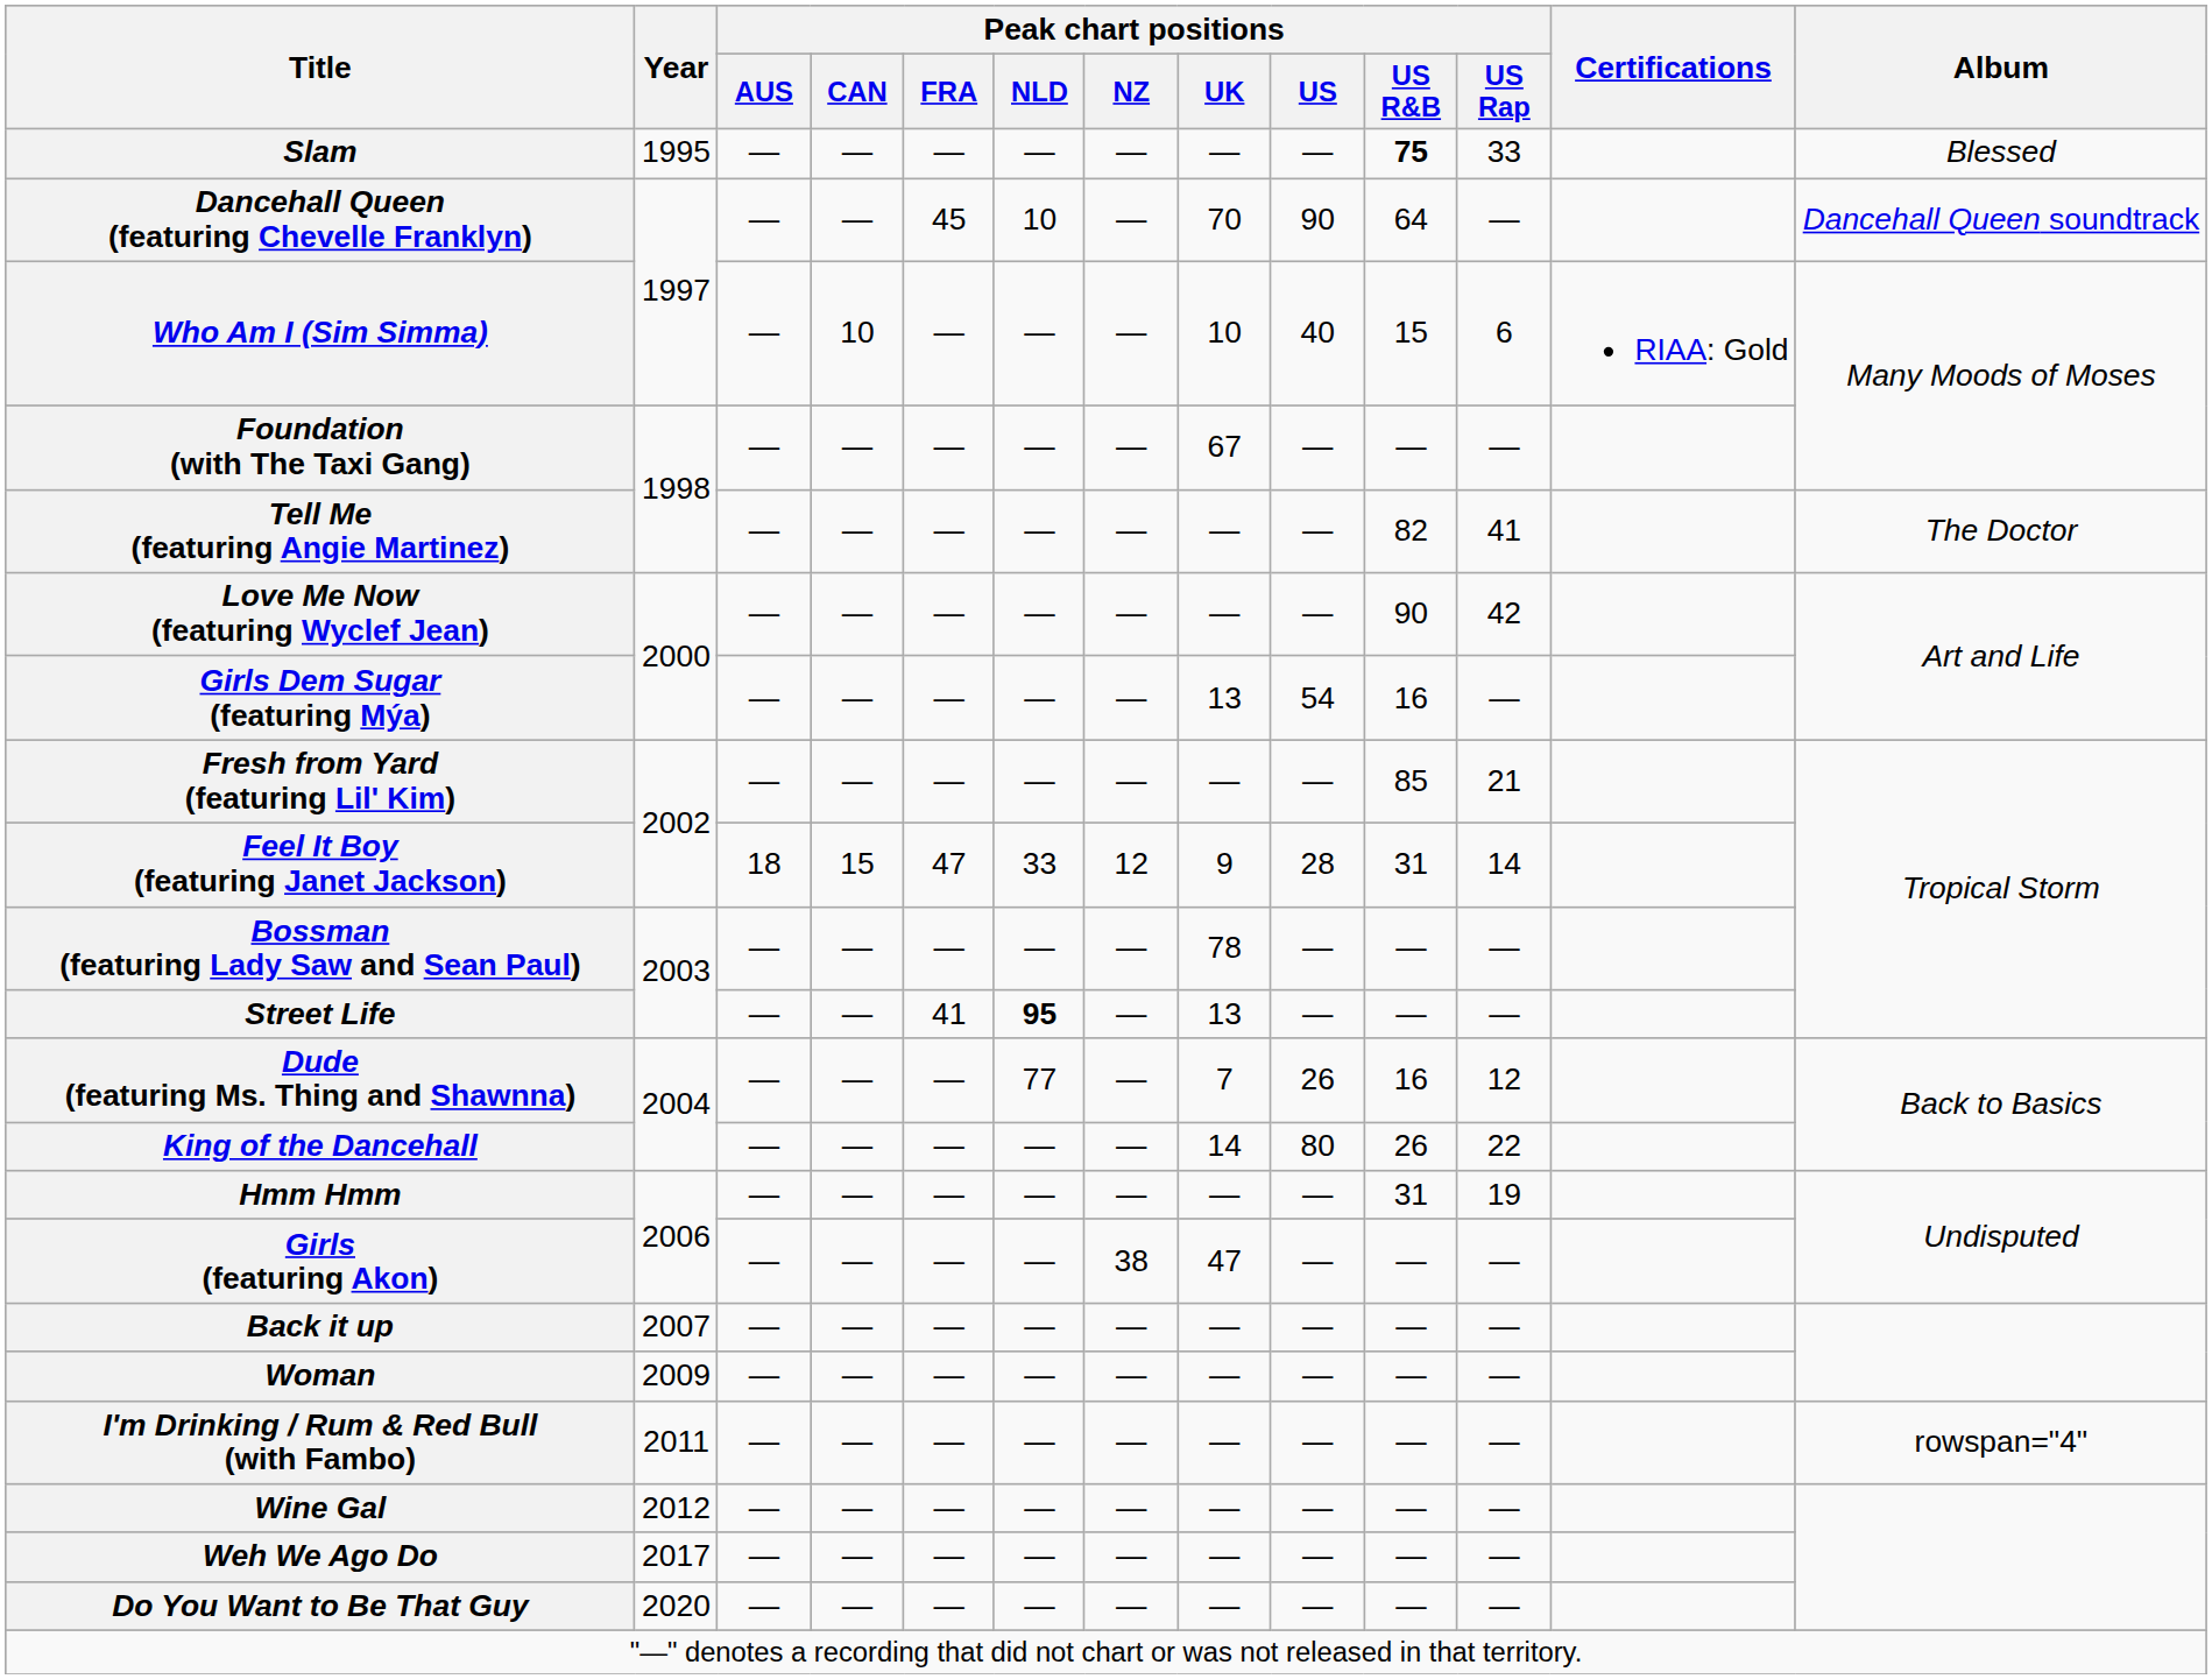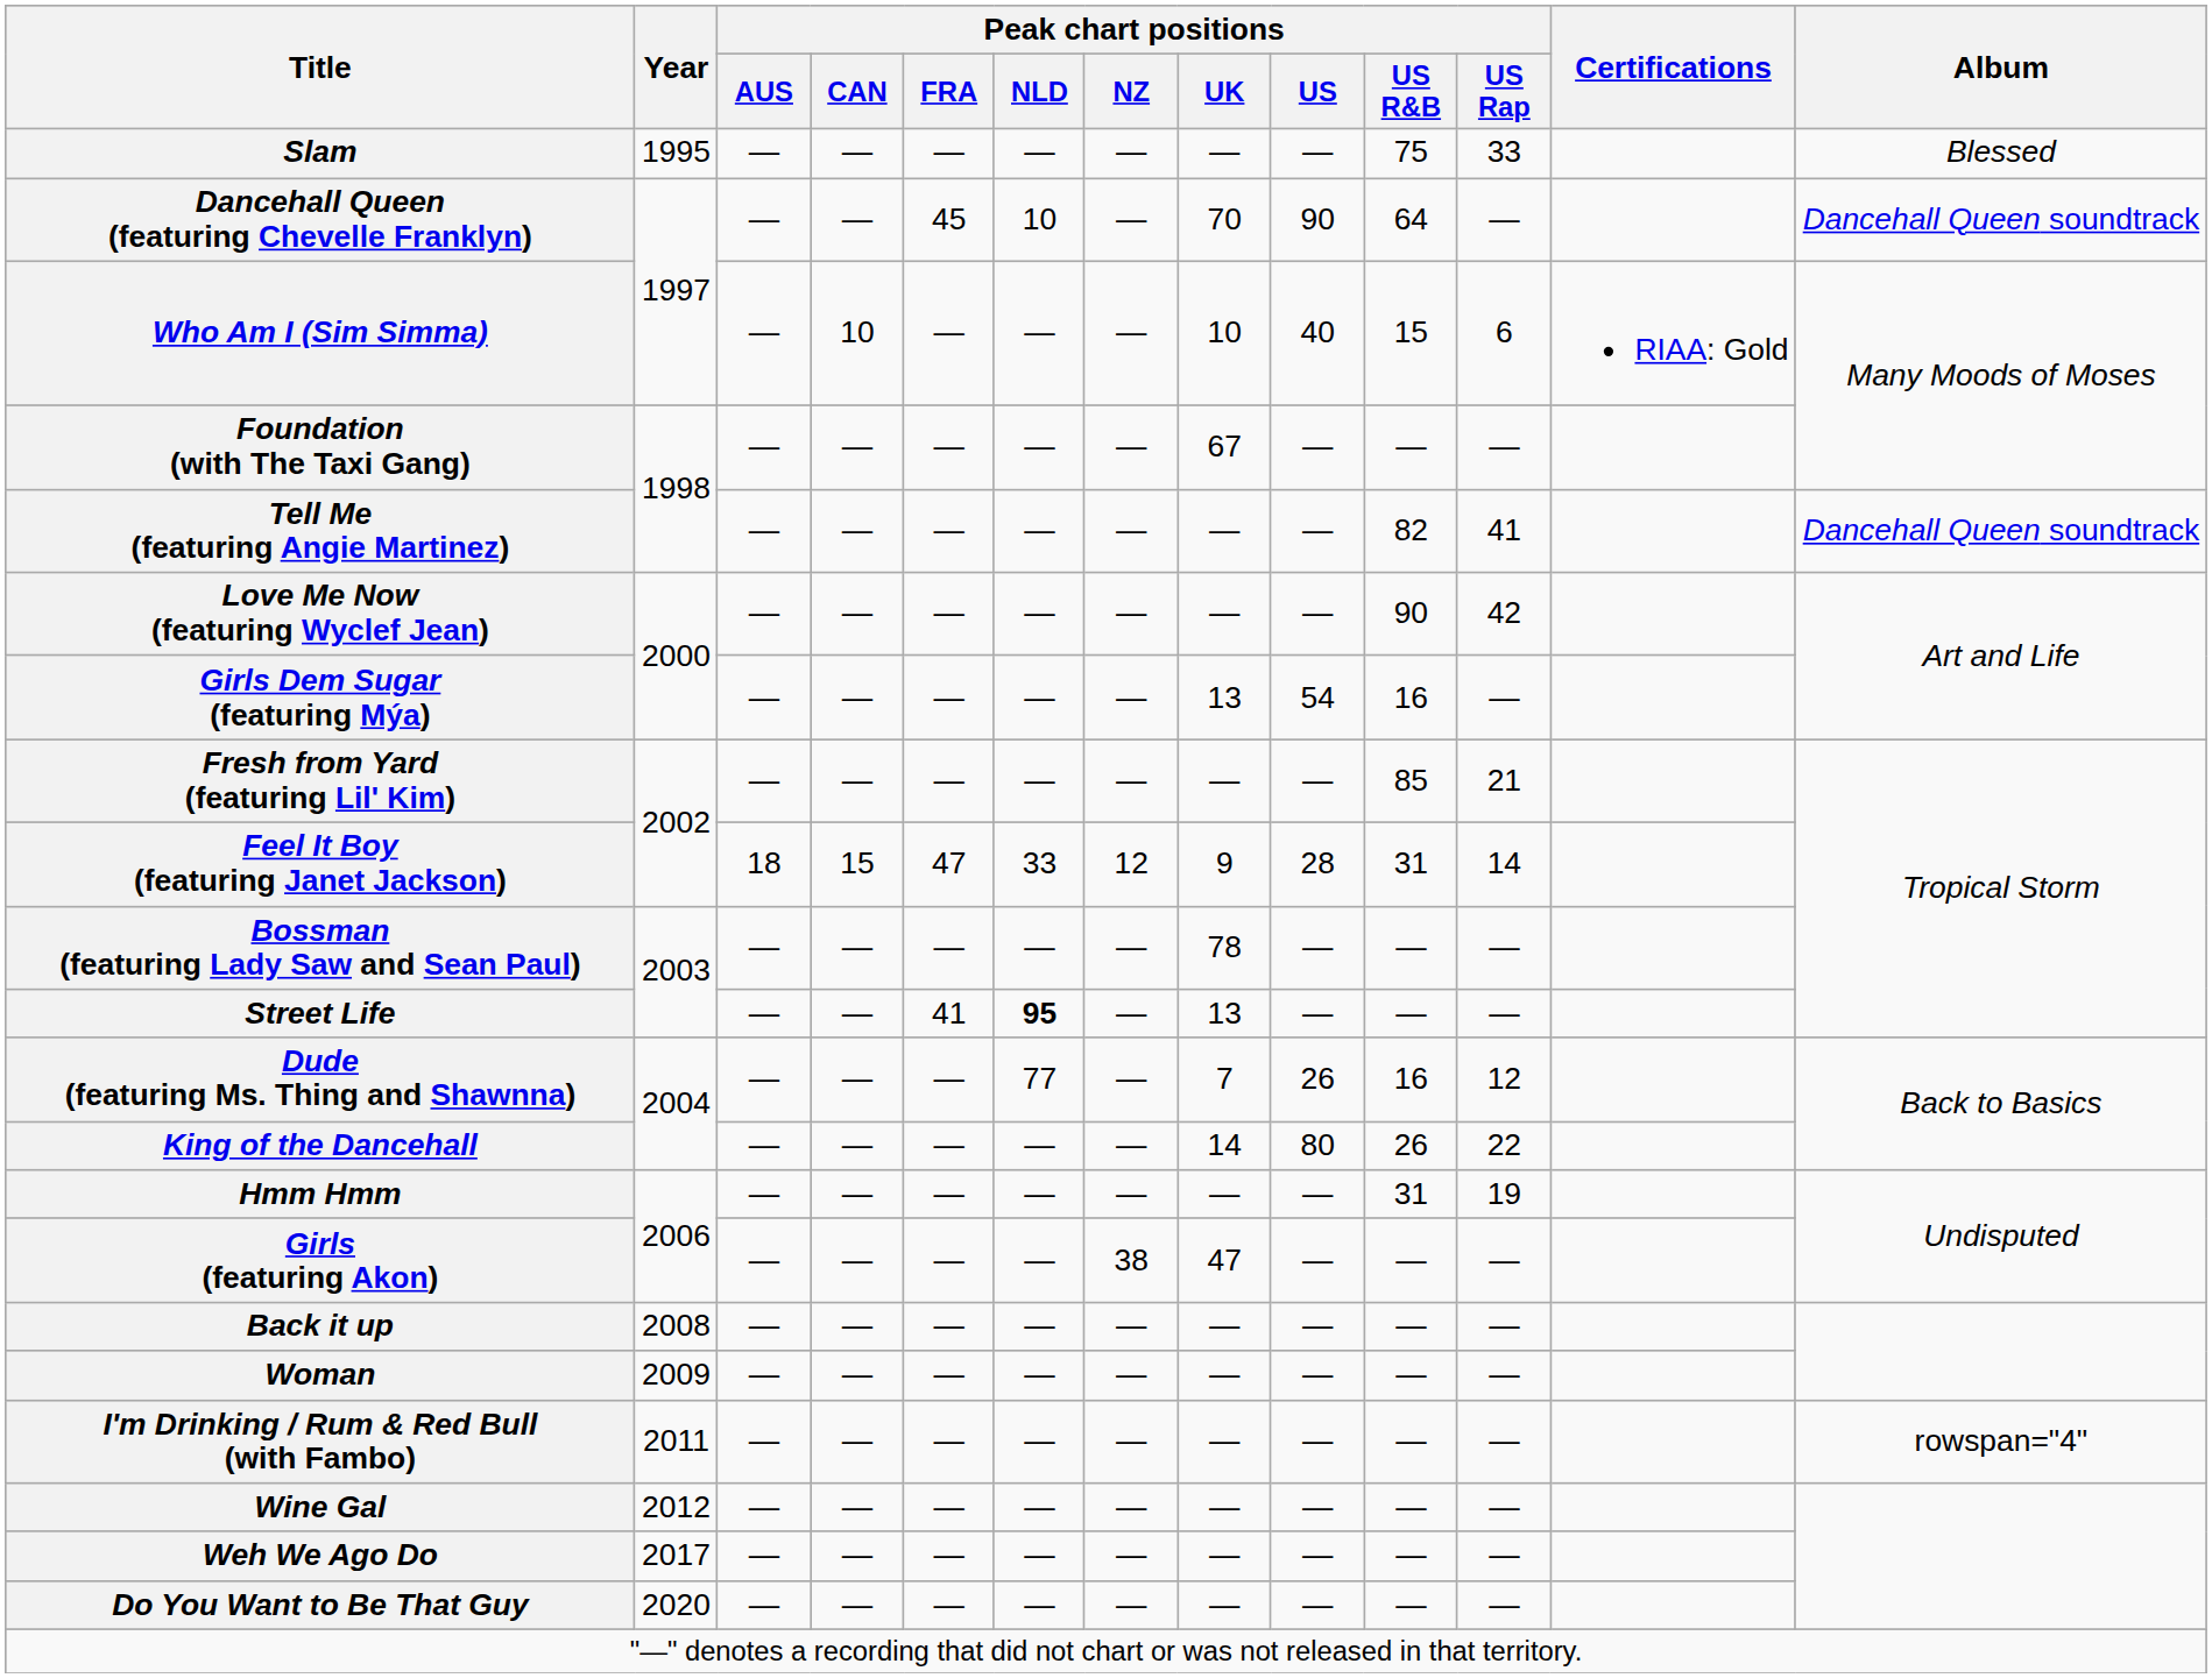 <table class="wikitable plainrowheaders" style="text-align:center;">
 <tr>
 <th scope="col" rowspan="2" style="width:20em;">Title</th>
 <th scope="col" rowspan="2">Year</th>
 <th scope="col" colspan="9">Peak chart positions</th>
 <th rowspan="2"><a href='#'>Certifications</a></th>
 <th rowspan="2" scope="col">Album</th>
 </tr>
 <tr>
 <th scope="col" style="width:2.9em;font-size:90%;"><a href='#'>AUS</a><br></th>
 <th scope="col" style="width:2.9em;font-size:90%;"><a href='#'>CAN</a><br></th>
 <th scope="col" style="width:2.8em;font-size:90%;"><a href='#'>FRA</a><br></th>
 <th scope="col" style="width:2.8em;font-size:90%;"><a href='#'>NLD</a><br></th>
 <th scope="col" style="width:2.9em;font-size:90%;"><a href='#'>NZ</a><br></th>
 <th scope="col" style="width:2.9em;font-size:90%;"><a href='#'>UK</a><br></th>
 <th scope="col" style="width:2.9em;font-size:90%;"><a href='#'>US</a><br></th>
 <th scope="col" style="width:2.9em;font-size:90%;"><a href='#'>US<br>R&B</a><br></th>
 <th scope="col" style="width:2.9em;font-size:90%;"><a href='#'>US<br>Rap</a><br></th>
 </tr>
 <tr>
 <th scope="row"><em>Slam</em></th>
 <td>1995</td>
 <td>—</td>
 <td>—</td>
 <td>—</td>
 <td>—</td>
 <td>—</td>
 <td>—</td>
 <td>—</td>
-<td><strong>75</strong></td>
+<td>75</td>
 <td>33</td>
 <td></td>
 <td><em>Blessed</em></td>
 </tr>
 <tr>
 <th scope="row"><em>Dancehall Queen</em><br><span>(featuring <a href='#'>Chevelle Franklyn</a>)</span></th>
 <td rowspan="2">1997</td>
 <td>—</td>
 <td>—</td>
 <td>45</td>
 <td>10</td>
 <td>—</td>
 <td>70</td>
 <td>90</td>
 <td>64</td>
 <td>—</td>
 <td></td>
 <td><a href='#'><em>Dancehall Queen</em> soundtrack</a></td>
 </tr>
 <tr>
 <th scope="row"><em><a href='#'>Who Am I (Sim Simma)</a></em></th>
 <td>—</td>
 <td>10</td>
 <td>—</td>
 <td>—</td>
 <td>—</td>
 <td>10</td>
 <td>40</td>
 <td>15</td>
 <td>6</td>
 <td><br><ul><li><a href='#'>RIAA</a>: Gold</li></ul></td>
 <td rowspan="2"><em>Many Moods of Moses</em></td>
 </tr>
 <tr>
 <th scope="row"><em>Foundation</em><br><span>(with The Taxi Gang)</span></th>
 <td rowspan="2">1998</td>
 <td>—</td>
 <td>—</td>
 <td>—</td>
 <td>—</td>
 <td>—</td>
 <td>67</td>
 <td>—</td>
 <td>—</td>
 <td>—</td>
 <td></td>
 </tr>
 <tr>
 <th scope="row"><em>Tell Me</em><br><span>(featuring <a href='#'>Angie Martinez</a>)</span></th>
 <td>—</td>
 <td>—</td>
 <td>—</td>
 <td>—</td>
 <td>—</td>
 <td>—</td>
 <td>—</td>
 <td>82</td>
 <td>41</td>
 <td></td>
-<td><em>The Doctor</em></td>
+<td><a href='#'><em>Dancehall Queen</em> soundtrack</a></td>
 </tr>
 <tr>
 <th scope="row"><em>Love Me Now</em><br><span>(featuring <a href='#'>Wyclef Jean</a>)</span></th>
 <td rowspan="2">2000</td>
 <td>—</td>
 <td>—</td>
 <td>—</td>
 <td>—</td>
 <td>—</td>
 <td>—</td>
 <td>—</td>
 <td>90</td>
 <td>42</td>
 <td></td>
 <td rowspan="2"><em>Art and Life</em></td>
 </tr>
 <tr>
 <th scope="row"><em><a href='#'>Girls Dem Sugar</a></em><br><span>(featuring <a href='#'>Mýa</a>)</span></th>
 <td>—</td>
 <td>—</td>
 <td>—</td>
 <td>—</td>
 <td>—</td>
 <td>13</td>
 <td>54</td>
 <td>16</td>
 <td>—</td>
 <td></td>
 </tr>
 <tr>
 <th scope="row"><em>Fresh from Yard</em><br><span>(featuring <a href='#'>Lil' Kim</a>)</span></th>
 <td rowspan="2">2002</td>
 <td>—</td>
 <td>—</td>
 <td>—</td>
 <td>—</td>
 <td>—</td>
 <td>—</td>
 <td>—</td>
 <td>85</td>
 <td>21</td>
 <td></td>
 <td rowspan="4"><em>Tropical Storm</em></td>
 </tr>
 <tr>
 <th scope="row"><em><a href='#'>Feel It Boy</a></em><br><span>(featuring <a href='#'>Janet Jackson</a>)</span></th>
 <td>18</td>
 <td>15</td>
 <td>47</td>
 <td>33</td>
 <td>12</td>
 <td>9</td>
 <td>28</td>
 <td>31</td>
 <td>14</td>
 <td></td>
 </tr>
 <tr>
 <th scope="row"><em><a href='#'>Bossman</a></em><br><span>(featuring <a href='#'>Lady Saw</a> and <a href='#'>Sean Paul</a>)</span></th>
 <td rowspan="2">2003</td>
 <td>—</td>
 <td>—</td>
 <td>—</td>
 <td>—</td>
 <td>—</td>
 <td>78</td>
 <td>—</td>
 <td>—</td>
 <td>—</td>
 <td></td>
 </tr>
 <tr>
 <th scope="row"><em>Street Life</em></th>
 <td>—</td>
 <td>—</td>
 <td>41</td>
 <td><strong>95</strong></td>
 <td>—</td>
 <td>13</td>
 <td>—</td>
 <td>—</td>
 <td>—</td>
 <td></td>
 </tr>
 <tr>
 <th scope="row"><em><a href='#'>Dude</a></em><br><span>(featuring Ms. Thing and <a href='#'>Shawnna</a>)</span></th>
 <td rowspan="2">2004</td>
 <td>—</td>
 <td>—</td>
 <td>—</td>
 <td>77</td>
 <td>—</td>
 <td>7</td>
 <td>26</td>
 <td>16</td>
 <td>12</td>
 <td></td>
 <td rowspan="2"><em>Back to Basics</em></td>
 </tr>
 <tr>
 <th scope="row"><em><a href='#'>King of the Dancehall</a></em></th>
 <td>—</td>
 <td>—</td>
 <td>—</td>
 <td>—</td>
 <td>—</td>
 <td>14</td>
 <td>80</td>
 <td>26</td>
 <td>22</td>
 <td></td>
 </tr>
 <tr>
 <th scope="row"><em>Hmm Hmm</em></th>
 <td rowspan="2">2006</td>
 <td>—</td>
 <td>—</td>
 <td>—</td>
 <td>—</td>
 <td>—</td>
 <td>—</td>
 <td>—</td>
 <td>31</td>
 <td>19</td>
 <td></td>
 <td rowspan="2"><em>Undisputed</em></td>
 </tr>
 <tr>
 <th scope="row"><em><a href='#'>Girls</a></em><br><span>(featuring <a href='#'>Akon</a>)</span></th>
 <td>—</td>
 <td>—</td>
 <td>—</td>
 <td>—</td>
 <td>38</td>
 <td>47</td>
 <td>—</td>
 <td>—</td>
 <td>—</td>
 <td></td>
 </tr>
 <tr>
 <th scope="row"><em>Back it up</em><br><span></span></th>
-<td>2007</td>
+<td>2008</td>
 <td>—</td>
 <td>—</td>
 <td>—</td>
 <td>—</td>
 <td>—</td>
 <td>—</td>
 <td>—</td>
 <td>—</td>
 <td>—</td>
 <td></td>
 </tr>
 <tr>
 <th scope="row"><em>Woman</em><br><span></span></th>
 <td>2009</td>
 <td>—</td>
 <td>—</td>
 <td>—</td>
 <td>—</td>
 <td>—</td>
 <td>—</td>
 <td>—</td>
 <td>—</td>
 <td>—</td>
 <td></td>
 </tr>
 <tr>
 <th scope="row"><em>I'm Drinking / Rum & Red Bull</em><br><span>(with Fambo)</span></th>
 <td>2011</td>
 <td>—</td>
 <td>—</td>
 <td>—</td>
 <td>—</td>
 <td>—</td>
 <td>—</td>
 <td>—</td>
 <td>—</td>
 <td>—</td>
 <td></td>
 <td>rowspan="4" </td>
 </tr>
 <tr>
 <th scope="row"><em>Wine Gal</em></th>
 <td>2012</td>
 <td>—</td>
 <td>—</td>
 <td>—</td>
 <td>—</td>
 <td>—</td>
 <td>—</td>
 <td>—</td>
 <td>—</td>
 <td>—</td>
 <td></td>
 </tr>
 <tr>
 <th scope="row"><em>Weh We Ago Do</em></th>
 <td>2017</td>
 <td>—</td>
 <td>—</td>
 <td>—</td>
 <td>—</td>
 <td>—</td>
 <td>—</td>
 <td>—</td>
 <td>—</td>
 <td>—</td>
 <td></td>
 </tr>
 <tr>
 <th scope="row"><em>Do You Want to Be That Guy</em></th>
 <td>2020</td>
 <td>—</td>
 <td>—</td>
 <td>—</td>
 <td>—</td>
 <td>—</td>
 <td>—</td>
 <td>—</td>
 <td>—</td>
 <td>—</td>
 <td></td>
 </tr>
 <tr>
 <td colspan="15" style="font-size:90%">"—" denotes a recording that did not chart or was not released in that territory.</td>
 </tr>
 </table>
